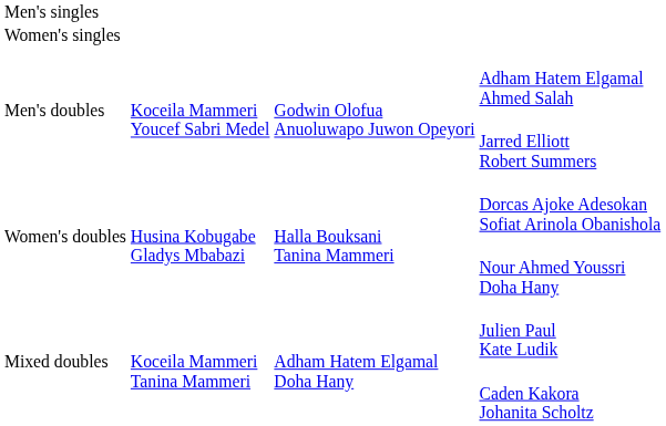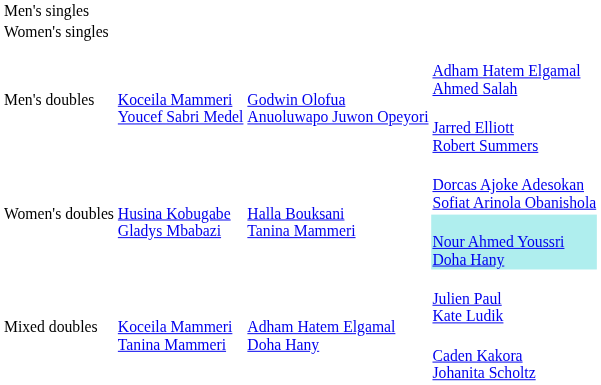 <table>
 <tr>
 <td rowspan="2">Men's singles<br></td>
 <td rowspan="2"></td>
 <td rowspan="2"></td>
 <td></td>
 </tr>
 <tr>
 <td></td>
 </tr>
 <tr>
 <td rowspan="2">Women's singles<br></td>
 <td rowspan="2"></td>
 <td rowspan="2"></td>
 <td></td>
 </tr>
 <tr>
 <td></td>
 </tr>
 <tr>
 <td rowspan="2">Men's doubles<br></td>
 <td rowspan="2"><br><a href='#'>Koceila Mammeri</a><br><a href='#'>Youcef Sabri Medel</a></td>
 <td rowspan="2"><br><a href='#'>Godwin Olofua</a><br><a href='#'>Anuoluwapo Juwon Opeyori</a></td>
 <td><br><a href='#'>Adham Hatem Elgamal</a><br><a href='#'>Ahmed Salah</a></td>
 </tr>
 <tr>
 <td><br><a href='#'>Jarred Elliott</a><br><a href='#'>Robert Summers</a></td>
 </tr>
 <tr>
 <td rowspan="2">Women's doubles<br></td>
 <td rowspan="2"><br><a href='#'>Husina Kobugabe</a><br><a href='#'>Gladys Mbabazi</a></td>
 <td rowspan="2"><br><a href='#'>Halla Bouksani</a><br><a href='#'>Tanina Mammeri</a></td>
 <td><br><a href='#'>Dorcas Ajoke Adesokan</a><br><a href='#'>Sofiat Arinola Obanishola</a></td>
 </tr>
 <tr>
-<td><br><a href='#'>Nour Ahmed Youssri</a><br><a href='#'>Doha Hany</a></td>
+<td style="background: paleturquoise;"><br><a href='#'>Nour Ahmed Youssri</a><br><a href='#'>Doha Hany</a></td>
 </tr>
 <tr>
 <td rowspan="2">Mixed doubles<br></td>
 <td rowspan="2"><br><a href='#'>Koceila Mammeri</a><br><a href='#'>Tanina Mammeri</a></td>
 <td rowspan="2"><br><a href='#'>Adham Hatem Elgamal</a><br><a href='#'>Doha Hany</a></td>
 <td><br><a href='#'>Julien Paul</a><br><a href='#'>Kate Ludik</a></td>
 </tr>
 <tr>
 <td><br><a href='#'>Caden Kakora</a><br><a href='#'>Johanita Scholtz</a></td>
 </tr>
 </table>
